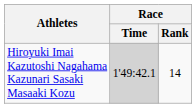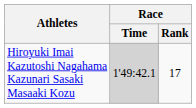 <table class="wikitable" border="1" style="font-size:90%">
 <tr>
 <th rowspan=2>Athletes</th>
 <th colspan=2>Race</th>
 </tr>
 <tr>
 <th>Time</th>
 <th>Rank</th>
 </tr>
 <tr>
 <td><a href='#'>Hiroyuki Imai</a><br><a href='#'>Kazutoshi Nagahama</a><br><a href='#'>Kazunari Sasaki</a><br><a href='#'>Masaaki Kozu</a></td>
 <td align=center style="background: lightgrey;">1'49:42.1</td>
-<td align=center>14</td>
+<td align=center>17</td>
 </tr>
 </table>
